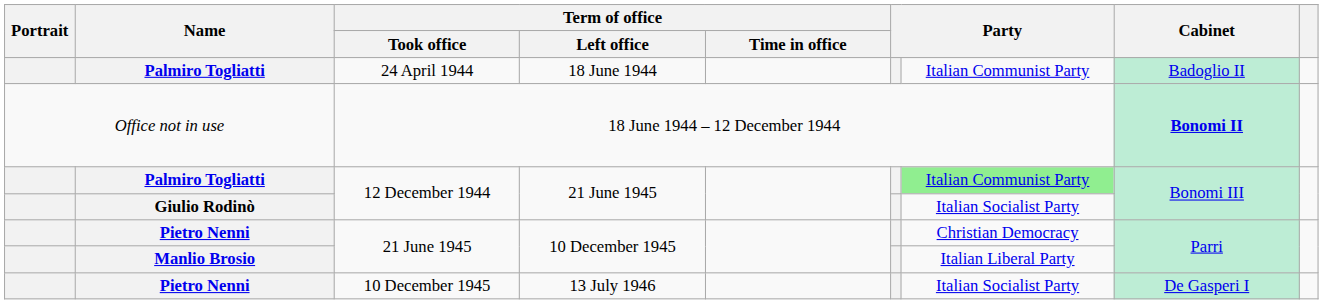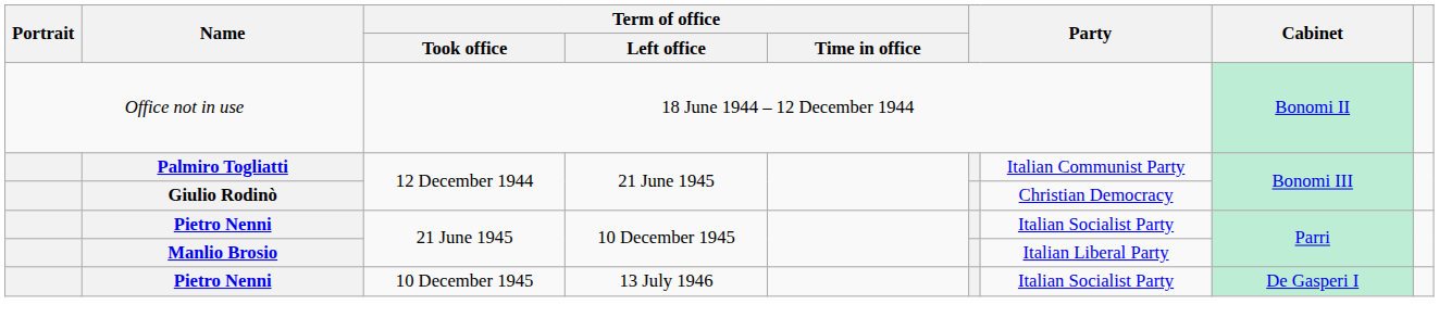 <table class="wikitable" style="text-align:center; style="width=100%">
 <tr>
 <th width=1% rowspan=2 scope="col">Portrait</th>
 <th width=14% rowspan=2 scope="col">Name<br></th>
 <th width=30% colspan=3>Term of office</th>
 <th width=12% rowspan=2 colspan=2 scope="col">Party</th>
 <th width=10% rowspan=2 scope="col">Cabinet</th>
 <th width=1% rowspan=2 scope="col"></th>
 </tr>
 <tr>
 <th width=10% scope="col">Took office</th>
 <th width=10% scope="col">Left office</th>
 <th width=10% scope="col">Time in office</th>
 </tr>
-<tr>
-<th></th>
-<th scope="row" style="font-weight:normal"><strong><a href='#'>Palmiro Togliatti</a></strong><br></th>
-<td>24 April 1944</td>
-<td>18 June 1944</td>
-<td></td>
-<th style="background:"></th>
-<td><a href='#'>Italian Communist Party</a></td>
-<td bgcolor=#BDEDD5><a href='#'>Badoglio II</a></td>
-<td></td>
-</tr>
 <tr style="height:5em;">
 <td colspan=2><em>Office not in use</em></td>
 <td colspan=5 align="center">18 June 1944 – 12 December 1944</td>
-<td bgcolor=#BDEDD5><strong><a href='#'>Bonomi II</a></strong></td>
+<td bgcolor=#BDEDD5><a href='#'>Bonomi II</a></td>
 <td></td>
 </tr>
 <tr>
 <th></th>
 <th scope="row" style="font-weight:normal"><strong><a href='#'>Palmiro Togliatti</a></strong><br></th>
 <td rowspan=2>12 December 1944</td>
 <td rowspan=2>21 June 1945</td>
 <td rowspan=2></td>
 <th style="background:"></th>
-<td style="background: lightgreen;"><a href='#'>Italian Communist Party</a></td>
+<td><a href='#'>Italian Communist Party</a></td>
 <td rowspan=2 bgcolor=#BDEDD5><a href='#'>Bonomi III</a></td>
 <td rowspan=2></td>
 </tr>
 <tr>
 <th></th>
 <th scope="row" style="font-weight:normal"><strong>Giulio Rodinò</strong><br></th>
 <th style="background:"></th>
-<td><a href='#'>Italian Socialist Party</a></td>
+<td><a href='#'>Christian Democracy</a></td>
 </tr>
 <tr>
 <th></th>
 <th scope="row" style="font-weight:normal"><strong><a href='#'>Pietro Nenni</a></strong><br></th>
 <td rowspan=2>21 June 1945</td>
 <td rowspan=2>10 December 1945</td>
 <td rowspan=2></td>
 <th style="background:"></th>
-<td><a href='#'>Christian Democracy</a></td>
+<td><a href='#'>Italian Socialist Party</a></td>
 <td rowspan=2 bgcolor=#BDEDD5><a href='#'>Parri</a></td>
 <td rowspan=2></td>
 </tr>
 <tr>
 <th></th>
 <th scope="row" style="font-weight:normal"><strong><a href='#'>Manlio Brosio</a></strong><br></th>
 <th style="background:"></th>
 <td><a href='#'>Italian Liberal Party</a></td>
 </tr>
 <tr>
 <th></th>
 <th scope="row" style="font-weight:normal"><strong><a href='#'>Pietro Nenni</a></strong><br></th>
 <td>10 December 1945</td>
 <td>13 July 1946</td>
 <td></td>
 <th style="background:"></th>
 <td><a href='#'>Italian Socialist Party</a></td>
 <td bgcolor=#BDEDD5><a href='#'>De Gasperi I</a></td>
 <td></td>
 </tr>
 </table>
